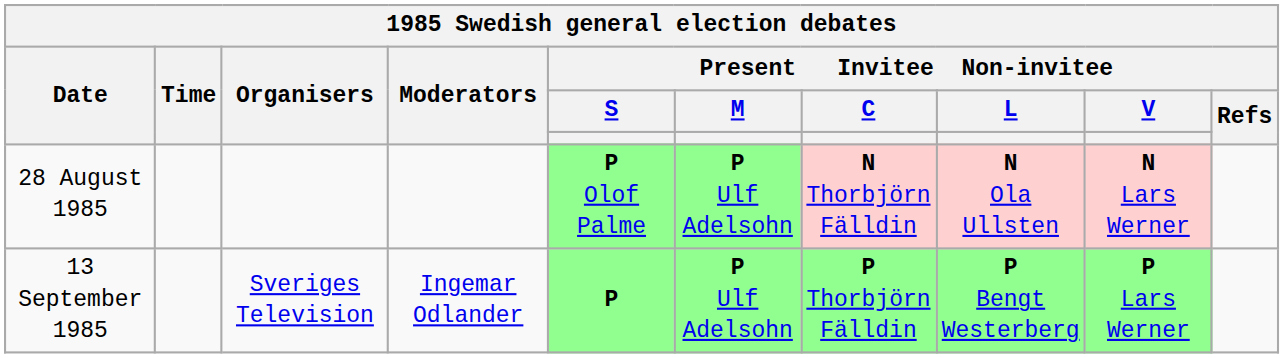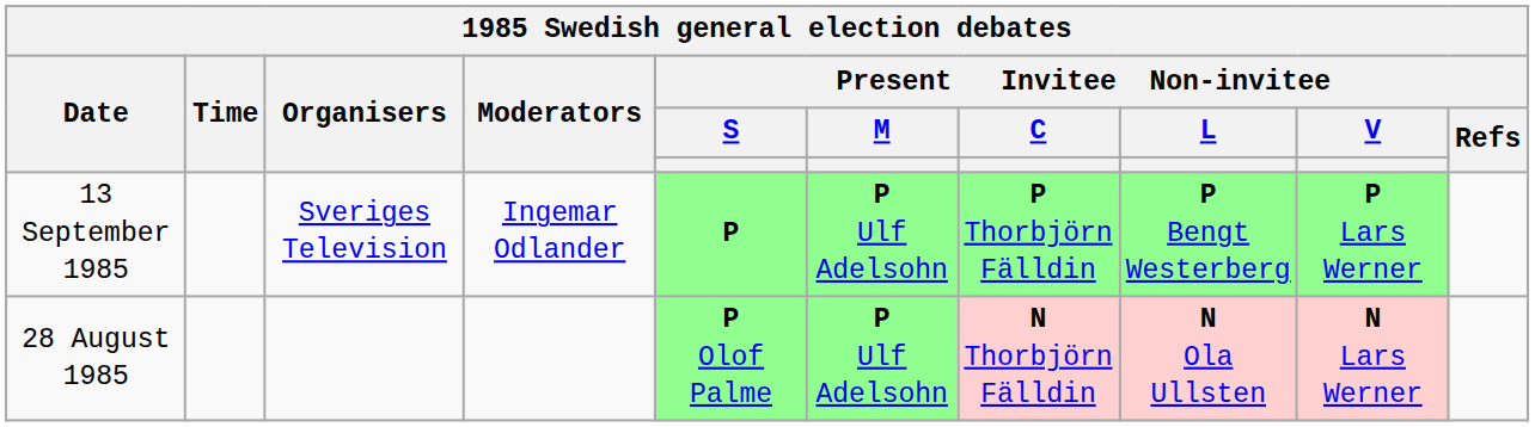 <table class="wikitable" style="font-size:85%; line-height:15px; text-align:center;">
 <tr>
 <th colspan="10">1985 Swedish general election debates</th>
 </tr>
 <tr>
 <th rowspan="3">Date</th>
 <th rowspan="3">Time</th>
 <th rowspan="3">Organisers</th>
 <th rowspan="3">Moderators</th>
 <th colspan="6"> Present    Invitee  Non-invitee </th>
 </tr>
 <tr>
 <th scope="col" style="width:5em;"><a href='#'>S</a></th>
 <th scope="col" style="width:5em;"><a href='#'>M</a></th>
 <th scope="col" style="width:5em;"><a href='#'>C</a></th>
 <th scope="col" style="width:5em;"><a href='#'>L</a></th>
 <th scope="col" style="width:5em;"><a href='#'>V</a></th>
 <th rowspan="2">Refs</th>
 </tr>
 <tr>
 <th style="background:"></th>
 <th style="background:"></th>
 <th style="background:"></th>
 <th style="background:"></th>
 <th style="background:"></th>
 </tr>
 <tr>
+<td>13 September 1985</td>
+<td></td>
+<td><a href='#'>Sveriges Television</a></td>
+<td><a href='#'>Ingemar Odlander</a></td>
+<td style="background:#90FF90"><strong>P</strong><br></td>
+<td style="background:#90FF90"><strong>P</strong><br><a href='#'>Ulf Adelsohn</a></td>
+<td style="background:#90FF90"><strong>P</strong><br><a href='#'>Thorbjörn Fälldin</a></td>
+<td style="background:#90FF90"><strong>P</strong><br><a href='#'>Bengt Westerberg</a></td>
+<td style="background:#90FF90"><strong>P</strong><br><a href='#'>Lars Werner</a></td>
+<td></td>
+</tr>
+<tr>
 <td>28 August 1985</td>
 <td></td>
 <td></td>
 <td></td>
 <td style="background:#90FF90"><strong>P</strong><br><a href='#'>Olof Palme</a></td>
 <td style="background:#90FF90"><strong>P</strong><br><a href='#'>Ulf Adelsohn</a></td>
 <td style="background:#FFD0D0"><strong>N</strong><br><a href='#'>Thorbjörn Fälldin</a></td>
 <td style="background:#FFD0D0"><strong>N</strong><br><a href='#'>Ola Ullsten</a></td>
 <td style="background:#FFD0D0"><strong>N</strong><br><a href='#'>Lars Werner</a></td>
 <td></td>
 </tr>
-<tr>
-<td>13 September 1985</td>
-<td></td>
-<td><a href='#'>Sveriges Television</a></td>
-<td><a href='#'>Ingemar Odlander</a></td>
-<td style="background:#90FF90"><strong>P</strong><br></td>
-<td style="background:#90FF90"><strong>P</strong><br><a href='#'>Ulf Adelsohn</a></td>
-<td style="background:#90FF90"><strong>P</strong><br><a href='#'>Thorbjörn Fälldin</a></td>
-<td style="background:#90FF90"><strong>P</strong><br><a href='#'>Bengt Westerberg</a></td>
-<td style="background:#90FF90"><strong>P</strong><br><a href='#'>Lars Werner</a></td>
-<td></td>
-</tr>
 </table>
